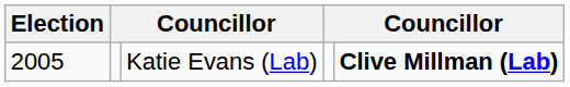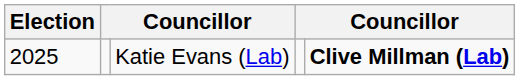 <table class="wikitable">
 <tr>
 <th>Election</th>
 <th colspan="2">Councillor</th>
 <th colspan="2">Councillor</th>
 </tr>
 <tr>
-<td>2005</td>
+<td>2025</td>
 <td style="background-color: "></td>
 <td>Katie Evans (<a href='#'>Lab</a>)</td>
 <td style="background-color: "></td>
 <td><strong>Clive Millman (<a href='#'>Lab</a>)</strong></td>
 </tr>
 </table>
